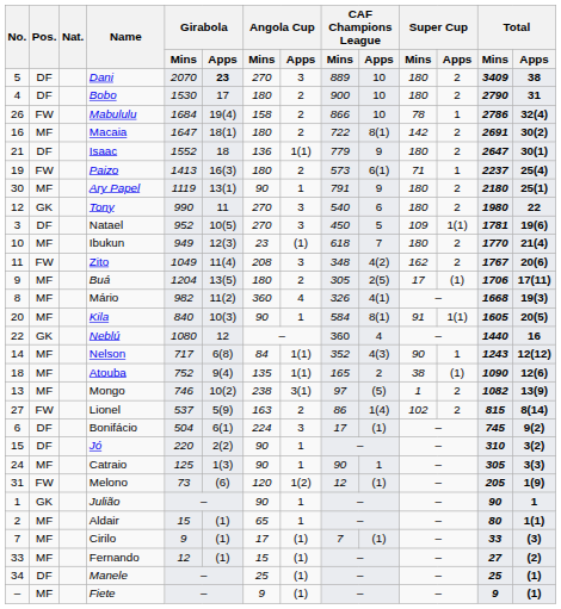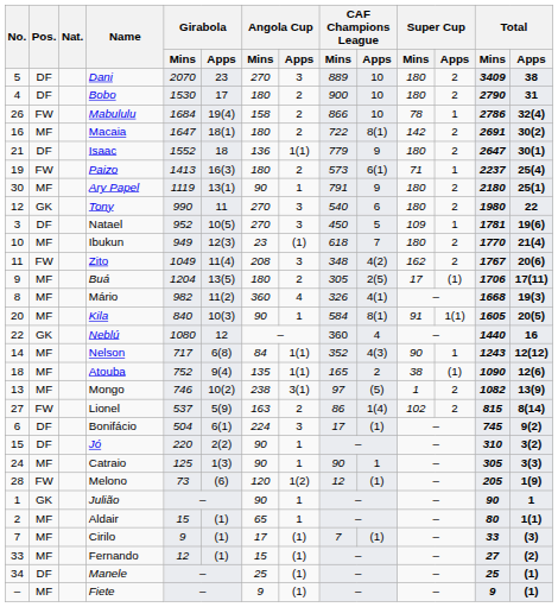 <table class="wikitable sortable" style="text-align:center">
 <tr>
 <th style="text-align:center;" rowspan="2">No.</th>
 <th style="text-align:center;" rowspan="2">Pos.</th>
 <th style="text-align:center;" rowspan="2">Nat.</th>
 <th style="text-align:center; width:100px;" rowspan="2">Name</th>
 <th style="text-align:center; width:100px;" colspan="2">Girabola</th>
 <th style="text-align:center; width:100px;" colspan="2">Angola Cup</th>
 <th style="text-align:center; width:100px;" colspan="2">CAF Champions League</th>
 <th style="text-align:center; width:100px;" colspan="2">Super Cup</th>
 <th style="text-align:center; width:100px;" colspan="2">Total</th>
 </tr>
 <tr>
 <th style="text-align:center;">Mins</th>
 <th style="text-align:center;">Apps</th>
 <th style="text-align:center;">Mins</th>
 <th style="text-align:center;">Apps</th>
 <th style="text-align:center;">Mins</th>
 <th style="text-align:center;">Apps</th>
 <th style="text-align:center;">Mins</th>
 <th style="text-align:center;">Apps</th>
 <th style="text-align:center;">Mins</th>
 <th style="text-align:center;">Apps</th>
 </tr>
 <tr>
 <td>5</td>
 <td data-sort-value="2">DF</td>
 <td></td>
 <td align=left><em><a href='#'>Dani</a></em></td>
 <td style="background:#eaecf0;"><em>2070</em></td>
-<td style="background:#eaecf0;"><strong>23</strong></td>
+<td style="background:#eaecf0;">23</td>
 <td><em>270</em></td>
 <td>3</td>
 <td style="background:#eaecf0;"><em>889</em></td>
 <td style="background:#eaecf0;">10</td>
 <td><em>180</em></td>
 <td>2</td>
 <td style="background:#eaecf0;"><strong><em>3409</em></strong></td>
 <td style="background:#eaecf0;"><strong>38</strong></td>
 </tr>
 <tr>
 <td>4</td>
 <td data-sort-value="2">DF</td>
 <td></td>
 <td align=left><em><a href='#'>Bobo</a></em></td>
 <td style="background:#eaecf0;"><em>1530</em></td>
 <td style="background:#eaecf0;">17</td>
 <td><em>180</em></td>
 <td>2</td>
 <td style="background:#eaecf0;"><em>900</em></td>
 <td style="background:#eaecf0;">10</td>
 <td><em>180</em></td>
 <td>2</td>
 <td style="background:#eaecf0;"><strong><em>2790</em></strong></td>
 <td style="background:#eaecf0;"><strong>31</strong></td>
 </tr>
 <tr>
 <td>26</td>
 <td>FW</td>
 <td></td>
 <td align=left><em><a href='#'>Mabululu</a></em></td>
 <td style="background:#eaecf0;"><em>1684</em></td>
 <td style="background:#eaecf0;">19(4)</td>
 <td><em>158</em></td>
 <td>2</td>
 <td style="background:#eaecf0;"><em>866</em></td>
 <td style="background:#eaecf0;">10</td>
 <td><em>78</em></td>
 <td>1</td>
 <td style="background:#eaecf0;"><strong><em>2786</em></strong></td>
 <td style="background:#eaecf0;"><strong>32(4)</strong></td>
 </tr>
 <tr>
 <td>16</td>
 <td data-sort-value="3">MF</td>
 <td></td>
 <td align=left><a href='#'>Macaia</a></td>
 <td style="background:#eaecf0;"><em>1647</em></td>
 <td style="background:#eaecf0;">18(1)</td>
 <td><em>180</em></td>
 <td>2</td>
 <td style="background:#eaecf0;"><em>722</em></td>
 <td style="background:#eaecf0;">8(1)</td>
 <td><em>142</em></td>
 <td>2</td>
 <td style="background:#eaecf0;"><strong><em>2691</em></strong></td>
 <td style="background:#eaecf0;"><strong>30(2)</strong></td>
 </tr>
 <tr>
 <td>21</td>
 <td data-sort-value="2">DF</td>
 <td></td>
 <td align=left><a href='#'>Isaac</a></td>
 <td style="background:#eaecf0;"><em>1552</em></td>
 <td style="background:#eaecf0;">18</td>
 <td><em>136</em></td>
 <td>1(1)</td>
 <td style="background:#eaecf0;"><em>779</em></td>
 <td style="background:#eaecf0;">9</td>
 <td><em>180</em></td>
 <td>2</td>
 <td style="background:#eaecf0;"><strong><em>2647</em></strong></td>
 <td style="background:#eaecf0;"><strong>30(1)</strong></td>
 </tr>
 <tr>
 <td>19</td>
 <td>FW</td>
 <td></td>
 <td align=left><em><a href='#'>Paizo</a></em></td>
 <td style="background:#eaecf0;"><em>1413</em></td>
 <td style="background:#eaecf0;">16(3)</td>
 <td><em>180</em></td>
 <td>2</td>
 <td style="background:#eaecf0;"><em>573</em></td>
 <td style="background:#eaecf0;">6(1)</td>
 <td><em>71</em></td>
 <td>1</td>
 <td style="background:#eaecf0;"><strong><em>2237</em></strong></td>
 <td style="background:#eaecf0;"><strong>25(4)</strong></td>
 </tr>
 <tr>
 <td>30</td>
 <td data-sort-value="3">MF</td>
 <td></td>
 <td align=left><em><a href='#'>Ary Papel</a></em></td>
 <td style="background:#eaecf0;"><em>1119</em></td>
 <td style="background:#eaecf0;">13(1)</td>
 <td><em>90</em></td>
 <td>1</td>
 <td style="background:#eaecf0;"><em>791</em></td>
 <td style="background:#eaecf0;">9</td>
 <td><em>180</em></td>
 <td>2</td>
 <td style="background:#eaecf0;"><strong><em>2180</em></strong></td>
 <td style="background:#eaecf0;"><strong>25(1)</strong></td>
 </tr>
 <tr>
 <td>12</td>
 <td data-sort-value="1">GK</td>
 <td></td>
 <td align=left><em><a href='#'>Tony</a></em></td>
 <td style="background:#eaecf0;"><em>990</em></td>
 <td style="background:#eaecf0;">11</td>
 <td><em>270</em></td>
 <td>3</td>
 <td style="background:#eaecf0;"><em>540</em></td>
 <td style="background:#eaecf0;">6</td>
 <td><em>180</em></td>
 <td>2</td>
 <td style="background:#eaecf0;"><strong><em>1980</em></strong></td>
 <td style="background:#eaecf0;"><strong>22</strong></td>
 </tr>
 <tr>
 <td>3</td>
 <td data-sort-value="2">DF</td>
 <td></td>
 <td align=left>Natael</td>
 <td style="background:#eaecf0;"><em>952</em></td>
 <td style="background:#eaecf0;">10(5)</td>
 <td><em>270</em></td>
 <td>3</td>
 <td style="background:#eaecf0;"><em>450</em></td>
 <td style="background:#eaecf0;">5</td>
 <td><em>109</em></td>
-<td>1(1)</td>
+<td>1</td>
 <td style="background:#eaecf0;"><strong><em>1781</em></strong></td>
 <td style="background:#eaecf0;"><strong>19(6)</strong></td>
 </tr>
 <tr>
 <td>10</td>
 <td data-sort-value="3">MF</td>
 <td></td>
 <td align=left>Ibukun</td>
 <td style="background:#eaecf0;"><em>949</em></td>
 <td style="background:#eaecf0;">12(3)</td>
 <td><em>23</em></td>
 <td>(1)</td>
 <td style="background:#eaecf0;"><em>618</em></td>
 <td style="background:#eaecf0;">7</td>
 <td><em>180</em></td>
 <td>2</td>
 <td style="background:#eaecf0;"><strong><em>1770</em></strong></td>
 <td style="background:#eaecf0;"><strong>21(4)</strong></td>
 </tr>
 <tr>
 <td>11</td>
 <td>FW</td>
 <td></td>
 <td align=left><a href='#'>Zito</a></td>
 <td style="background:#eaecf0;"><em>1049</em></td>
 <td style="background:#eaecf0;">11(4)</td>
 <td><em>208</em></td>
 <td>3</td>
 <td style="background:#eaecf0;"><em>348</em></td>
 <td style="background:#eaecf0;">4(2)</td>
 <td><em>162</em></td>
 <td>2</td>
 <td style="background:#eaecf0;"><strong><em>1767</em></strong></td>
 <td style="background:#eaecf0;"><strong>20(6)</strong></td>
 </tr>
 <tr>
 <td>9</td>
 <td data-sort-value="3">MF</td>
 <td></td>
 <td align=left><em>Buá</em></td>
 <td style="background:#eaecf0;"><em>1204</em></td>
 <td style="background:#eaecf0;">13(5)</td>
 <td><em>180</em></td>
 <td>2</td>
 <td style="background:#eaecf0;"><em>305</em></td>
 <td style="background:#eaecf0;">2(5)</td>
 <td><em>17</em></td>
 <td>(1)</td>
 <td style="background:#eaecf0;"><strong><em>1706</em></strong></td>
 <td style="background:#eaecf0;"><strong>17(11)</strong></td>
 </tr>
 <tr>
 <td>8</td>
 <td data-sort-value="3">MF</td>
 <td></td>
 <td align=left>Mário</td>
 <td style="background:#eaecf0;"><em>982</em></td>
 <td style="background:#eaecf0;">11(2)</td>
 <td><em>360</em></td>
 <td>4</td>
 <td style="background:#eaecf0;"><em>326</em></td>
 <td style="background:#eaecf0;">4(1)</td>
 <td colspan=2>–</td>
 <td style="background:#eaecf0;"><strong><em>1668</em></strong></td>
 <td style="background:#eaecf0;"><strong>19(3)</strong></td>
 </tr>
 <tr>
 <td>20</td>
 <td data-sort-value="3">MF</td>
 <td></td>
 <td align=left><em><a href='#'>Kila</a></em></td>
 <td style="background:#eaecf0;"><em>840</em></td>
 <td style="background:#eaecf0;">10(3)</td>
 <td><em>90</em></td>
 <td>1</td>
 <td style="background:#eaecf0;"><em>584</em></td>
 <td style="background:#eaecf0;">8(1)</td>
 <td><em>91</em></td>
 <td>1(1)</td>
 <td style="background:#eaecf0;"><strong><em>1605</em></strong></td>
 <td style="background:#eaecf0;"><strong>20(5)</strong></td>
 </tr>
 <tr>
 <td>22</td>
 <td data-sort-value="1">GK</td>
 <td></td>
 <td align=left><em><a href='#'>Neblú</a></em></td>
 <td style="background:#eaecf0;"><em>1080</em></td>
 <td style="background:#eaecf0;">12</td>
 <td colspan=2>–</td>
 <td style="background:#eaecf0;">360</td>
 <td style="background:#eaecf0;">4</td>
 <td colspan=2>–</td>
 <td style="background:#eaecf0;"><strong><em>1440</em></strong></td>
 <td style="background:#eaecf0;"><strong>16</strong></td>
 </tr>
 <tr>
 <td>14</td>
 <td data-sort-value="3">MF</td>
 <td></td>
 <td align=left><a href='#'>Nelson</a></td>
 <td style="background:#eaecf0;"><em>717</em></td>
 <td style="background:#eaecf0;">6(8)</td>
 <td><em>84</em></td>
 <td>1(1)</td>
 <td style="background:#eaecf0;"><em>352</em></td>
 <td style="background:#eaecf0;">4(3)</td>
 <td><em>90</em></td>
 <td>1</td>
 <td style="background:#eaecf0;"><strong><em>1243</em></strong></td>
 <td style="background:#eaecf0;"><strong>12(12)</strong></td>
 </tr>
 <tr>
 <td>18</td>
 <td data-sort-value="3">MF</td>
 <td></td>
 <td align=left><a href='#'>Atouba</a></td>
 <td style="background:#eaecf0;"><em>752</em></td>
 <td style="background:#eaecf0;">9(4)</td>
 <td><em>135</em></td>
 <td>1(1)</td>
 <td style="background:#eaecf0;"><em>165</em></td>
 <td style="background:#eaecf0;">2</td>
 <td><em>38</em></td>
 <td>(1)</td>
 <td style="background:#eaecf0;"><strong><em>1090</em></strong></td>
 <td style="background:#eaecf0;"><strong>12(6)</strong></td>
 </tr>
 <tr>
 <td>13</td>
 <td data-sort-value="3">MF</td>
 <td></td>
 <td align=left>Mongo</td>
 <td style="background:#eaecf0;"><em>746</em></td>
 <td style="background:#eaecf0;">10(2)</td>
 <td><em>238</em></td>
 <td>3(1)</td>
 <td style="background:#eaecf0;"><em>97</em></td>
 <td style="background:#eaecf0;">(5)</td>
 <td><em>1</em></td>
 <td>2</td>
 <td style="background:#eaecf0;"><strong><em>1082</em></strong></td>
 <td style="background:#eaecf0;"><strong>13(9)</strong></td>
 </tr>
 <tr>
 <td>27</td>
 <td>FW</td>
 <td></td>
 <td align=left>Lionel</td>
 <td style="background:#eaecf0;"><em>537</em></td>
 <td style="background:#eaecf0;">5(9)</td>
 <td><em>163</em></td>
 <td>2</td>
 <td style="background:#eaecf0;"><em>86</em></td>
 <td style="background:#eaecf0;">1(4)</td>
 <td><em>102</em></td>
 <td>2</td>
 <td style="background:#eaecf0;"><strong><em>815</em></strong></td>
 <td style="background:#eaecf0;"><strong>8(14)</strong></td>
 </tr>
 <tr>
 <td>6</td>
 <td data-sort-value="2">DF</td>
 <td></td>
 <td align=left>Bonifácio</td>
 <td style="background:#eaecf0;"><em>504</em></td>
 <td style="background:#eaecf0;">6(1)</td>
 <td><em>224</em></td>
 <td>3</td>
 <td style="background:#eaecf0;"><em>17</em></td>
 <td style="background:#eaecf0;">(1)</td>
 <td colspan=2>–</td>
 <td style="background:#eaecf0;"><strong><em>745</em></strong></td>
 <td style="background:#eaecf0;"><strong>9(2)</strong></td>
 </tr>
 <tr>
 <td>15</td>
 <td data-sort-value="2">DF</td>
 <td></td>
 <td align=left><em><a href='#'>Jó</a></em></td>
 <td style="background:#eaecf0;"><em>220</em></td>
 <td style="background:#eaecf0;">2(2)</td>
 <td><em>90</em></td>
 <td>1</td>
 <td colspan=2 style="background:#eaecf0;">–</td>
 <td colspan=2>–</td>
 <td style="background:#eaecf0;"><strong><em>310</em></strong></td>
 <td style="background:#eaecf0;"><strong>3(2)</strong></td>
 </tr>
 <tr>
 <td>24</td>
 <td data-sort-value="3">MF</td>
 <td></td>
 <td align=left>Catraio</td>
 <td style="background:#eaecf0;"><em>125</em></td>
 <td style="background:#eaecf0;">1(3)</td>
 <td><em>90</em></td>
 <td>1</td>
 <td style="background:#eaecf0;"><em>90</em></td>
 <td style="background:#eaecf0;">1</td>
 <td colspan=2>–</td>
 <td style="background:#eaecf0;"><strong><em>305</em></strong></td>
 <td style="background:#eaecf0;"><strong>3(3)</strong></td>
 </tr>
 <tr>
-<td>31</td>
+<td>28</td>
 <td>FW</td>
 <td></td>
 <td align=left>Melono</td>
 <td style="background:#eaecf0;"><em>73</em></td>
 <td style="background:#eaecf0;">(6)</td>
 <td><em>120</em></td>
 <td>1(2)</td>
 <td style="background:#eaecf0;"><em>12</em></td>
 <td style="background:#eaecf0;">(1)</td>
 <td colspan=2>–</td>
 <td style="background:#eaecf0;"><strong><em>205</em></strong></td>
 <td style="background:#eaecf0;"><strong>1(9)</strong></td>
 </tr>
 <tr>
 <td>1</td>
 <td data-sort-value="1">GK</td>
 <td></td>
 <td align=left><em>Julião</em></td>
 <td colspan=2 style="background:#eaecf0;">–</td>
 <td><em>90</em></td>
 <td>1</td>
 <td colspan=2 style="background:#eaecf0;">–</td>
 <td colspan=2>–</td>
 <td style="background:#eaecf0;"><strong><em>90</em></strong></td>
 <td style="background:#eaecf0;"><strong>1</strong></td>
 </tr>
 <tr>
 <td>2</td>
 <td data-sort-value="3">MF</td>
 <td></td>
 <td align=left>Aldair</td>
 <td style="background:#eaecf0;"><em>15</em></td>
 <td style="background:#eaecf0;">(1)</td>
 <td><em>65</em></td>
 <td>1</td>
 <td colspan=2 style="background:#eaecf0;">–</td>
 <td colspan=2>–</td>
 <td style="background:#eaecf0;"><strong><em>80</em></strong></td>
 <td style="background:#eaecf0;"><strong>1(1)</strong></td>
 </tr>
 <tr>
 <td>7</td>
 <td data-sort-value="3">MF</td>
 <td></td>
 <td align=left>Cirilo</td>
 <td style="background:#eaecf0;"><em>9</em></td>
 <td style="background:#eaecf0;">(1)</td>
 <td><em>17</em></td>
 <td>(1)</td>
 <td style="background:#eaecf0;"><em>7</em></td>
 <td style="background:#eaecf0;">(1)</td>
 <td colspan=2>–</td>
 <td style="background:#eaecf0;"><strong><em>33</em></strong></td>
 <td style="background:#eaecf0;"><strong>(3)</strong></td>
 </tr>
 <tr>
 <td>33</td>
 <td data-sort-value="3">MF</td>
 <td></td>
 <td align=left>Fernando</td>
 <td style="background:#eaecf0;"><em>12</em></td>
 <td style="background:#eaecf0;">(1)</td>
 <td><em>15</em></td>
 <td>(1)</td>
 <td colspan=2 style="background:#eaecf0;">–</td>
 <td colspan=2>–</td>
 <td style="background:#eaecf0;"><strong><em>27</em></strong></td>
 <td style="background:#eaecf0;"><strong>(2)</strong></td>
 </tr>
 <tr>
 <td>34</td>
 <td data-sort-value="3">DF</td>
 <td></td>
 <td align=left><em>Manele</em></td>
 <td colspan=2 style="background:#eaecf0;">–</td>
 <td><em>25</em></td>
 <td>(1)</td>
 <td colspan=2 style="background:#eaecf0;">–</td>
 <td colspan=2>–</td>
 <td style="background:#eaecf0;"><strong><em>25</em></strong></td>
 <td style="background:#eaecf0;"><strong>(1)</strong></td>
 </tr>
 <tr>
 <td>–</td>
 <td data-sort-value="3">MF</td>
 <td></td>
 <td align=left><em>Fiete</em></td>
 <td colspan=2 style="background:#eaecf0;">–</td>
 <td><em>9</em></td>
 <td>(1)</td>
 <td colspan=2 style="background:#eaecf0;">–</td>
 <td colspan=2>–</td>
 <td style="background:#eaecf0;"><strong><em>9</em></strong></td>
 <td style="background:#eaecf0;"><strong>(1)</strong></td>
 </tr>
 </table>
